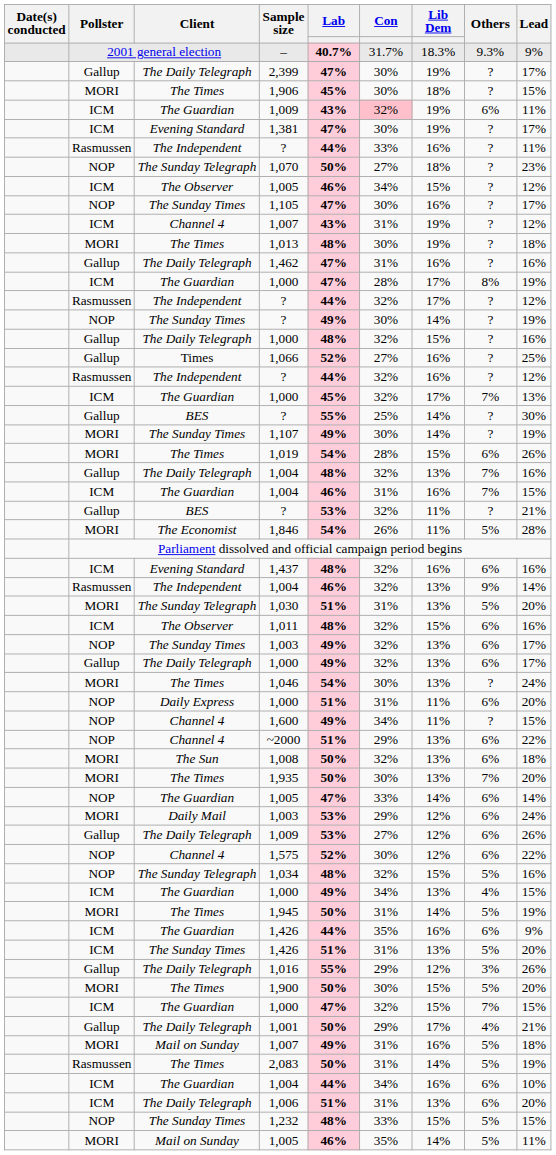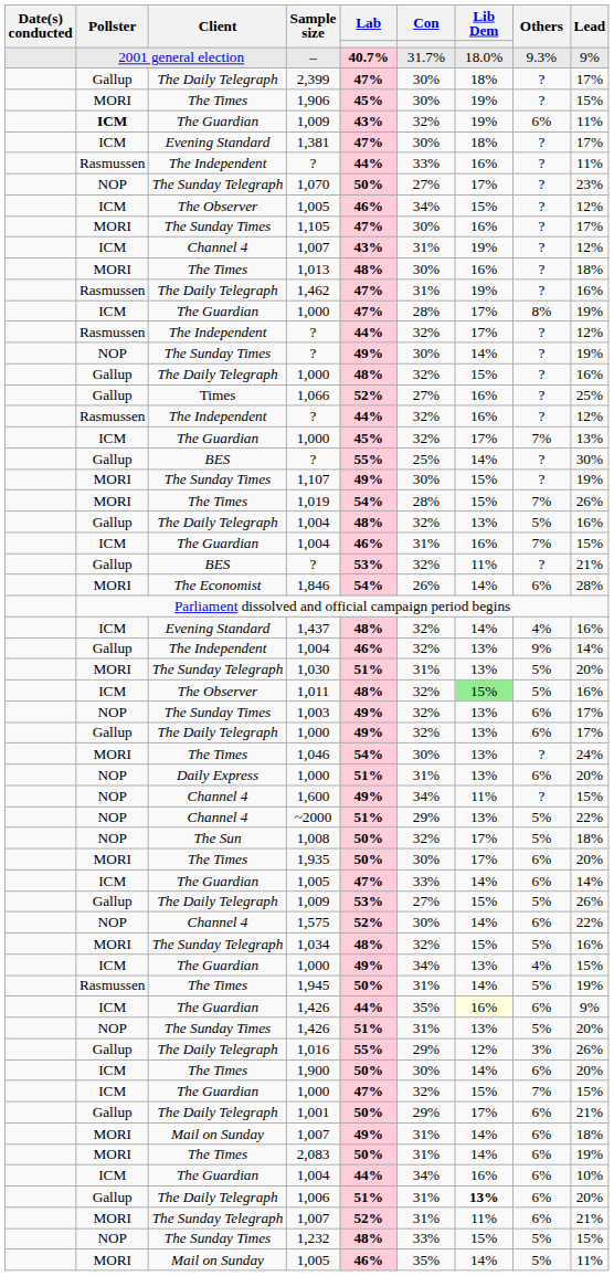 <table class="wikitable sortable mw-datatable" style="text-align:center;font-size:90%;line-height:14px;">
 <tr>
 <th rowspan="2">Date(s)<br>conducted</th>
 <th rowspan="2">Pollster</th>
 <th rowspan="2">Client</th>
 <th rowspan="2" data-sort-type="number">Sample<br>size</th>
 <th class="unsortable" style="width:50px;"><a href='#'>Lab</a></th>
 <th class="unsortable" style="width:50px;"><a href='#'>Con</a></th>
 <th class="unsortable" style="width:50px;"><a href='#'>Lib Dem</a></th>
 <th rowspan="2" class="unsortable" style="width:50px;">Others</th>
 <th rowspan="2" data-sort-type="number">Lead</th>
 </tr>
 <tr>
 <th data-sort-type="number" style="background:"></th>
 <th data-sort-type="number" style="background:"></th>
 <th data-sort-type="number" style="background:"></th>
 </tr>
 <tr style="background:#E9E9E9;">
 <td></td>
 <td colspan="2"><a href='#'>2001 general election</a></td>
 <td>–</td>
 <td style="background:#FFCCDA;"><strong>40.7%</strong></td>
 <td>31.7%</td>
-<td>18.3%</td>
+<td>18.0%</td>
 <td>9.3%</td>
 <td style="background:">9%</td>
 </tr>
 <tr>
 <td></td>
 <td>Gallup</td>
 <td><em>The Daily Telegraph</em></td>
 <td>2,399</td>
 <td style="background:#FFCCDA;"><strong>47%</strong></td>
 <td>30%</td>
-<td>19%</td>
+<td>18%</td>
 <td>?</td>
 <td style="background:">17%</td>
 </tr>
 <tr>
 <td></td>
 <td>MORI</td>
 <td><em>The Times</em></td>
 <td>1,906</td>
 <td style="background:#FFCCDA;"><strong>45%</strong></td>
 <td>30%</td>
-<td>18%</td>
+<td>19%</td>
 <td>?</td>
 <td style="background:">15%</td>
 </tr>
 <tr>
 <td></td>
-<td>ICM</td>
+<td><strong>ICM</strong></td>
 <td><em>The Guardian</em></td>
 <td>1,009</td>
 <td style="background:#FFCCDA;"><strong>43%</strong></td>
-<td style="background: pink;">32%</td>
+<td>32%</td>
 <td>19%</td>
 <td>6%</td>
 <td style="background:">11%</td>
 </tr>
 <tr>
 <td></td>
 <td>ICM</td>
 <td><em>Evening Standard</em></td>
 <td>1,381</td>
 <td style="background:#FFCCDA;"><strong>47%</strong></td>
 <td>30%</td>
-<td>19%</td>
+<td>18%</td>
 <td>?</td>
 <td style="background:">17%</td>
 </tr>
 <tr>
 <td></td>
 <td>Rasmussen</td>
 <td><em>The Independent</em></td>
 <td>?</td>
 <td style="background:#FFCCDA;"><strong>44%</strong></td>
 <td>33%</td>
 <td>16%</td>
 <td>?</td>
 <td style="background:">11%</td>
 </tr>
 <tr>
 <td></td>
 <td>NOP</td>
 <td><em>The Sunday Telegraph</em></td>
 <td>1,070</td>
 <td style="background:#FFCCDA;"><strong>50%</strong></td>
 <td>27%</td>
-<td>18%</td>
+<td>17%</td>
 <td>?</td>
 <td style="background:">23%</td>
 </tr>
 <tr>
 <td></td>
 <td>ICM</td>
 <td><em>The Observer</em></td>
 <td>1,005</td>
 <td style="background:#FFCCDA;"><strong>46%</strong></td>
 <td>34%</td>
 <td>15%</td>
 <td>?</td>
 <td style="background:">12%</td>
 </tr>
 <tr>
 <td></td>
-<td>NOP</td>
+<td>MORI</td>
 <td><em>The Sunday Times</em></td>
 <td>1,105</td>
 <td style="background:#FFCCDA;"><strong>47%</strong></td>
 <td>30%</td>
 <td>16%</td>
 <td>?</td>
 <td style="background:">17%</td>
 </tr>
 <tr>
 <td></td>
 <td>ICM</td>
 <td><em>Channel 4</em></td>
 <td>1,007</td>
 <td style="background:#FFCCDA;"><strong>43%</strong></td>
 <td>31%</td>
 <td>19%</td>
 <td>?</td>
 <td style="background:">12%</td>
 </tr>
 <tr>
 <td></td>
 <td>MORI</td>
 <td><em>The Times</em></td>
 <td>1,013</td>
 <td style="background:#FFCCDA;"><strong>48%</strong></td>
 <td>30%</td>
-<td>19%</td>
+<td>16%</td>
 <td>?</td>
 <td style="background:">18%</td>
 </tr>
 <tr>
 <td></td>
-<td>Gallup</td>
+<td>Rasmussen</td>
 <td><em>The Daily Telegraph</em></td>
 <td>1,462</td>
 <td style="background:#FFCCDA;"><strong>47%</strong></td>
 <td>31%</td>
-<td>16%</td>
+<td>19%</td>
 <td>?</td>
 <td style="background:">16%</td>
 </tr>
 <tr>
 <td></td>
 <td>ICM</td>
 <td><em>The Guardian</em></td>
 <td>1,000</td>
 <td style="background:#FFCCDA;"><strong>47%</strong></td>
 <td>28%</td>
 <td>17%</td>
 <td>8%</td>
 <td style="background:">19%</td>
 </tr>
 <tr>
 <td></td>
 <td>Rasmussen</td>
 <td><em>The Independent</em></td>
 <td>?</td>
 <td style="background:#FFCCDA;"><strong>44%</strong></td>
 <td>32%</td>
 <td>17%</td>
 <td>?</td>
 <td style="background:">12%</td>
 </tr>
 <tr>
 <td></td>
 <td>NOP</td>
 <td><em>The Sunday Times</em></td>
 <td>?</td>
 <td style="background:#FFCCDA;"><strong>49%</strong></td>
 <td>30%</td>
 <td>14%</td>
 <td>?</td>
 <td style="background:">19%</td>
 </tr>
 <tr>
 <td></td>
 <td>Gallup</td>
 <td><em>The Daily Telegraph</em></td>
 <td>1,000</td>
 <td style="background:#FFCCDA;"><strong>48%</strong></td>
 <td>32%</td>
 <td>15%</td>
 <td>?</td>
 <td style="background:">16%</td>
 </tr>
 <tr>
 <td></td>
 <td>Gallup</td>
 <td>Times</td>
 <td>1,066</td>
 <td style="background:#FFCCDA;"><strong>52%</strong></td>
 <td>27%</td>
 <td>16%</td>
 <td>?</td>
 <td style="background:">25%</td>
 </tr>
 <tr>
 <td></td>
 <td>Rasmussen</td>
 <td><em>The Independent</em></td>
 <td>?</td>
 <td style="background:#FFCCDA;"><strong>44%</strong></td>
 <td>32%</td>
 <td>16%</td>
 <td>?</td>
 <td style="background:">12%</td>
 </tr>
 <tr>
 <td></td>
 <td>ICM</td>
 <td><em>The Guardian</em></td>
 <td>1,000</td>
 <td style="background:#FFCCDA;"><strong>45%</strong></td>
 <td>32%</td>
 <td>17%</td>
 <td>7%</td>
 <td style="background:">13%</td>
 </tr>
 <tr>
 <td></td>
 <td>Gallup</td>
 <td><em>BES</em></td>
 <td>?</td>
 <td style="background:#FFCCDA;"><strong>55%</strong></td>
 <td>25%</td>
 <td>14%</td>
 <td>?</td>
 <td style="background:">30%</td>
 </tr>
 <tr>
 <td></td>
 <td>MORI</td>
 <td><em>The Sunday Times</em></td>
 <td>1,107</td>
 <td style="background:#FFCCDA;"><strong>49%</strong></td>
 <td>30%</td>
-<td>14%</td>
+<td>15%</td>
 <td>?</td>
 <td style="background:">19%</td>
 </tr>
 <tr>
 <td></td>
 <td>MORI</td>
 <td><em>The Times</em></td>
 <td>1,019</td>
 <td style="background:#FFCCDA;"><strong>54%</strong></td>
 <td>28%</td>
 <td>15%</td>
-<td>6%</td>
+<td>7%</td>
 <td style="background:">26%</td>
 </tr>
 <tr>
 <td></td>
 <td>Gallup</td>
 <td><em>The Daily Telegraph</em></td>
 <td>1,004</td>
 <td style="background:#FFCCDA;"><strong>48%</strong></td>
 <td>32%</td>
 <td>13%</td>
-<td>7%</td>
+<td>5%</td>
 <td style="background:">16%</td>
 </tr>
 <tr>
 <td></td>
 <td>ICM</td>
 <td><em>The Guardian</em></td>
 <td>1,004</td>
 <td style="background:#FFCCDA;"><strong>46%</strong></td>
 <td>31%</td>
 <td>16%</td>
 <td>7%</td>
 <td style="background:">15%</td>
 </tr>
 <tr>
 <td></td>
 <td>Gallup</td>
 <td><em>BES</em></td>
 <td>?</td>
 <td style="background:#FFCCDA;"><strong>53%</strong></td>
 <td>32%</td>
 <td>11%</td>
 <td>?</td>
 <td style="background:">21%</td>
 </tr>
 <tr>
 <td></td>
 <td>MORI</td>
 <td><em>The Economist</em></td>
 <td>1,846</td>
 <td style="background:#FFCCDA;"><strong>54%</strong></td>
 <td>26%</td>
-<td>11%</td>
-<td>5%</td>
+<td>14%</td>
+<td>6%</td>
 <td style="background:">28%</td>
 </tr>
 <tr>
 <td></td>
 <td colspan=8><a href='#'>Parliament</a> dissolved and official campaign period begins</td>
 </tr>
 <tr>
 <td></td>
 <td>ICM</td>
 <td><em>Evening Standard</em></td>
 <td>1,437</td>
 <td style="background:#FFCCDA;"><strong>48%</strong></td>
 <td>32%</td>
-<td>16%</td>
-<td>6%</td>
+<td>14%</td>
+<td>4%</td>
 <td style="background:">16%</td>
 </tr>
 <tr>
 <td></td>
-<td>Rasmussen</td>
+<td>Gallup</td>
 <td><em>The Independent</em></td>
 <td>1,004</td>
 <td style="background:#FFCCDA;"><strong>46%</strong></td>
 <td>32%</td>
 <td>13%</td>
 <td>9%</td>
 <td style="background:">14%</td>
 </tr>
 <tr>
 <td></td>
 <td>MORI</td>
 <td><em>The Sunday Telegraph</em></td>
 <td>1,030</td>
 <td style="background:#FFCCDA;"><strong>51%</strong></td>
 <td>31%</td>
 <td>13%</td>
 <td>5%</td>
 <td style="background:">20%</td>
 </tr>
 <tr>
 <td></td>
 <td>ICM</td>
 <td><em>The Observer</em></td>
 <td>1,011</td>
 <td style="background:#FFCCDA;"><strong>48%</strong></td>
 <td>32%</td>
-<td>15%</td>
-<td>6%</td>
+<td style="background: lightgreen;">15%</td>
+<td>5%</td>
 <td style="background:">16%</td>
 </tr>
 <tr>
 <td></td>
 <td>NOP</td>
 <td><em>The Sunday Times</em></td>
 <td>1,003</td>
 <td style="background:#FFCCDA;"><strong>49%</strong></td>
 <td>32%</td>
 <td>13%</td>
 <td>6%</td>
 <td style="background:">17%</td>
 </tr>
 <tr>
 <td></td>
 <td>Gallup</td>
 <td><em>The Daily Telegraph</em></td>
 <td>1,000</td>
 <td style="background:#FFCCDA;"><strong>49%</strong></td>
 <td>32%</td>
 <td>13%</td>
 <td>6%</td>
 <td style="background:">17%</td>
 </tr>
 <tr>
 <td></td>
 <td>MORI</td>
 <td><em>The Times</em></td>
 <td>1,046</td>
 <td style="background:#FFCCDA;"><strong>54%</strong></td>
 <td>30%</td>
 <td>13%</td>
 <td>?</td>
 <td style="background:">24%</td>
 </tr>
 <tr>
 <td></td>
 <td>NOP</td>
 <td><em>Daily Express</em></td>
 <td>1,000</td>
 <td style="background:#FFCCDA;"><strong>51%</strong></td>
 <td>31%</td>
-<td>11%</td>
+<td>13%</td>
 <td>6%</td>
 <td style="background:">20%</td>
 </tr>
 <tr>
 <td></td>
 <td>NOP</td>
 <td><em>Channel 4</em></td>
 <td>1,600</td>
 <td style="background:#FFCCDA;"><strong>49%</strong></td>
 <td>34%</td>
 <td>11%</td>
 <td>?</td>
 <td style="background:">15%</td>
 </tr>
 <tr>
 <td></td>
 <td>NOP</td>
 <td><em>Channel 4</em></td>
 <td>~2000</td>
 <td style="background:#FFCCDA;"><strong>51%</strong></td>
 <td>29%</td>
 <td>13%</td>
-<td>6%</td>
+<td>5%</td>
 <td style="background:">22%</td>
 </tr>
 <tr>
 <td></td>
-<td>MORI</td>
+<td>NOP</td>
 <td><em>The Sun</em></td>
 <td>1,008</td>
 <td style="background:#FFCCDA;"><strong>50%</strong></td>
 <td>32%</td>
-<td>13%</td>
-<td>6%</td>
+<td>17%</td>
+<td>5%</td>
 <td style="background:">18%</td>
 </tr>
 <tr>
 <td></td>
 <td>MORI</td>
 <td><em>The Times</em></td>
 <td>1,935</td>
 <td style="background:#FFCCDA;"><strong>50%</strong></td>
 <td>30%</td>
-<td>13%</td>
-<td>7%</td>
+<td>17%</td>
+<td>6%</td>
 <td style="background:">20%</td>
 </tr>
 <tr>
 <td></td>
-<td>NOP</td>
+<td>ICM</td>
 <td><em>The Guardian</em></td>
 <td>1,005</td>
 <td style="background:#FFCCDA;"><strong>47%</strong></td>
 <td>33%</td>
 <td>14%</td>
 <td>6%</td>
 <td style="background:">14%</td>
 </tr>
 <tr>
 <td></td>
-<td>MORI</td>
-<td><em>Daily Mail</em></td>
-<td>1,003</td>
-<td style="background:#FFCCDA;"><strong>53%</strong></td>
-<td>29%</td>
-<td>12%</td>
-<td>6%</td>
-<td style="background:">24%</td>
-</tr>
-<tr>
-<td></td>
 <td>Gallup</td>
 <td><em>The Daily Telegraph</em></td>
 <td>1,009</td>
 <td style="background:#FFCCDA;"><strong>53%</strong></td>
 <td>27%</td>
-<td>12%</td>
-<td>6%</td>
+<td>15%</td>
+<td>5%</td>
 <td style="background:">26%</td>
 </tr>
 <tr>
 <td></td>
 <td>NOP</td>
 <td><em>Channel 4</em></td>
 <td>1,575</td>
 <td style="background:#FFCCDA;"><strong>52%</strong></td>
 <td>30%</td>
-<td>12%</td>
+<td>14%</td>
 <td>6%</td>
 <td style="background:">22%</td>
 </tr>
 <tr>
 <td></td>
-<td>NOP</td>
+<td>MORI</td>
 <td><em>The Sunday Telegraph</em></td>
 <td>1,034</td>
 <td style="background:#FFCCDA;"><strong>48%</strong></td>
 <td>32%</td>
 <td>15%</td>
 <td>5%</td>
 <td style="background:">16%</td>
 </tr>
 <tr>
 <td></td>
 <td>ICM</td>
 <td><em>The Guardian</em></td>
 <td>1,000</td>
 <td style="background:#FFCCDA;"><strong>49%</strong></td>
 <td>34%</td>
 <td>13%</td>
 <td>4%</td>
 <td style="background:">15%</td>
 </tr>
 <tr>
 <td></td>
-<td>MORI</td>
+<td>Rasmussen</td>
 <td><em>The Times</em></td>
 <td>1,945</td>
 <td style="background:#FFCCDA;"><strong>50%</strong></td>
 <td>31%</td>
 <td>14%</td>
 <td>5%</td>
 <td style="background:">19%</td>
 </tr>
 <tr>
 <td></td>
 <td>ICM</td>
 <td><em>The Guardian</em></td>
 <td>1,426</td>
 <td style="background:#FFCCDA;"><strong>44%</strong></td>
 <td>35%</td>
-<td>16%</td>
+<td style="background: lightyellow;">16%</td>
 <td>6%</td>
 <td style="background:">9%</td>
 </tr>
 <tr>
 <td></td>
-<td>ICM</td>
+<td>NOP</td>
 <td><em>The Sunday Times</em></td>
 <td>1,426</td>
 <td style="background:#FFCCDA;"><strong>51%</strong></td>
 <td>31%</td>
 <td>13%</td>
 <td>5%</td>
 <td style="background:">20%</td>
 </tr>
 <tr>
 <td></td>
 <td>Gallup</td>
 <td><em>The Daily Telegraph</em></td>
 <td>1,016</td>
 <td style="background:#FFCCDA;"><strong>55%</strong></td>
 <td>29%</td>
 <td>12%</td>
 <td>3%</td>
 <td style="background:">26%</td>
 </tr>
 <tr>
 <td></td>
-<td>MORI</td>
+<td>ICM</td>
 <td><em>The Times</em></td>
 <td>1,900</td>
 <td style="background:#FFCCDA;"><strong>50%</strong></td>
 <td>30%</td>
-<td>15%</td>
-<td>5%</td>
+<td>14%</td>
+<td>6%</td>
 <td style="background:">20%</td>
 </tr>
 <tr>
 <td></td>
 <td>ICM</td>
 <td><em>The Guardian</em></td>
 <td>1,000</td>
 <td style="background:#FFCCDA;"><strong>47%</strong></td>
 <td>32%</td>
 <td>15%</td>
 <td>7%</td>
 <td style="background:">15%</td>
 </tr>
 <tr>
 <td></td>
 <td>Gallup</td>
 <td><em>The Daily Telegraph</em></td>
 <td>1,001</td>
 <td style="background:#FFCCDA;"><strong>50%</strong></td>
 <td>29%</td>
 <td>17%</td>
-<td>4%</td>
+<td>6%</td>
 <td style="background:">21%</td>
 </tr>
 <tr>
 <td></td>
 <td>MORI</td>
 <td><em>Mail on Sunday</em></td>
 <td>1,007</td>
 <td style="background:#FFCCDA;"><strong>49%</strong></td>
 <td>31%</td>
-<td>16%</td>
-<td>5%</td>
+<td>14%</td>
+<td>6%</td>
 <td style="background:">18%</td>
 </tr>
 <tr>
 <td></td>
-<td>Rasmussen</td>
+<td>MORI</td>
 <td><em>The Times</em></td>
 <td>2,083</td>
 <td style="background:#FFCCDA;"><strong>50%</strong></td>
 <td>31%</td>
 <td>14%</td>
-<td>5%</td>
+<td>6%</td>
 <td style="background:">19%</td>
 </tr>
 <tr>
 <td></td>
 <td>ICM</td>
 <td><em>The Guardian</em></td>
 <td>1,004</td>
 <td style="background:#FFCCDA;"><strong>44%</strong></td>
 <td>34%</td>
 <td>16%</td>
 <td>6%</td>
 <td style="background:">10%</td>
 </tr>
 <tr>
 <td></td>
-<td>ICM</td>
+<td>Gallup</td>
 <td><em>The Daily Telegraph</em></td>
 <td>1,006</td>
 <td style="background:#FFCCDA;"><strong>51%</strong></td>
 <td>31%</td>
-<td>13%</td>
+<td><strong>13%</strong></td>
 <td>6%</td>
 <td style="background:">20%</td>
+</tr>
+<tr>
+<td></td>
+<td>MORI</td>
+<td><em>The Sunday Telegraph</em></td>
+<td>1,007</td>
+<td style="background:#FFCCDA;"><strong>52%</strong></td>
+<td>31%</td>
+<td>11%</td>
+<td>6%</td>
+<td style="background:">21%</td>
 </tr>
 <tr>
 <td></td>
 <td>NOP</td>
 <td><em>The Sunday Times</em></td>
 <td>1,232</td>
 <td style="background:#FFCCDA;"><strong>48%</strong></td>
 <td>33%</td>
 <td>15%</td>
 <td>5%</td>
 <td style="background:">15%</td>
 </tr>
 <tr>
 <td></td>
 <td>MORI</td>
 <td><em>Mail on Sunday</em></td>
 <td>1,005</td>
 <td style="background:#FFCCDA;"><strong>46%</strong></td>
 <td>35%</td>
 <td>14%</td>
 <td>5%</td>
 <td style="background:">11%</td>
 </tr>
 </table>
